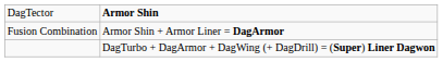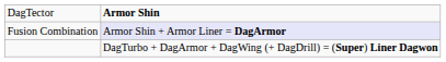 <table class="wikitable" style="text-align:left">
 <tr>
 <td>DagTector</td>
 <td><strong>Armor Shin</strong></td>
 </tr>
 <tr>
 <td>Fusion Combination</td>
-<td>Armor Shin + Armor Liner = <strong>DagArmor</strong></td>
+<td style="background: lavender;">Armor Shin + Armor Liner = <strong>DagArmor</strong></td>
 </tr>
 <tr>
 <td></td>
 <td>DagTurbo + DagArmor + DagWing (+ DagDrill) = (<strong>Super</strong>) <strong>Liner Dagwon</strong></td>
 </tr>
 </table>
